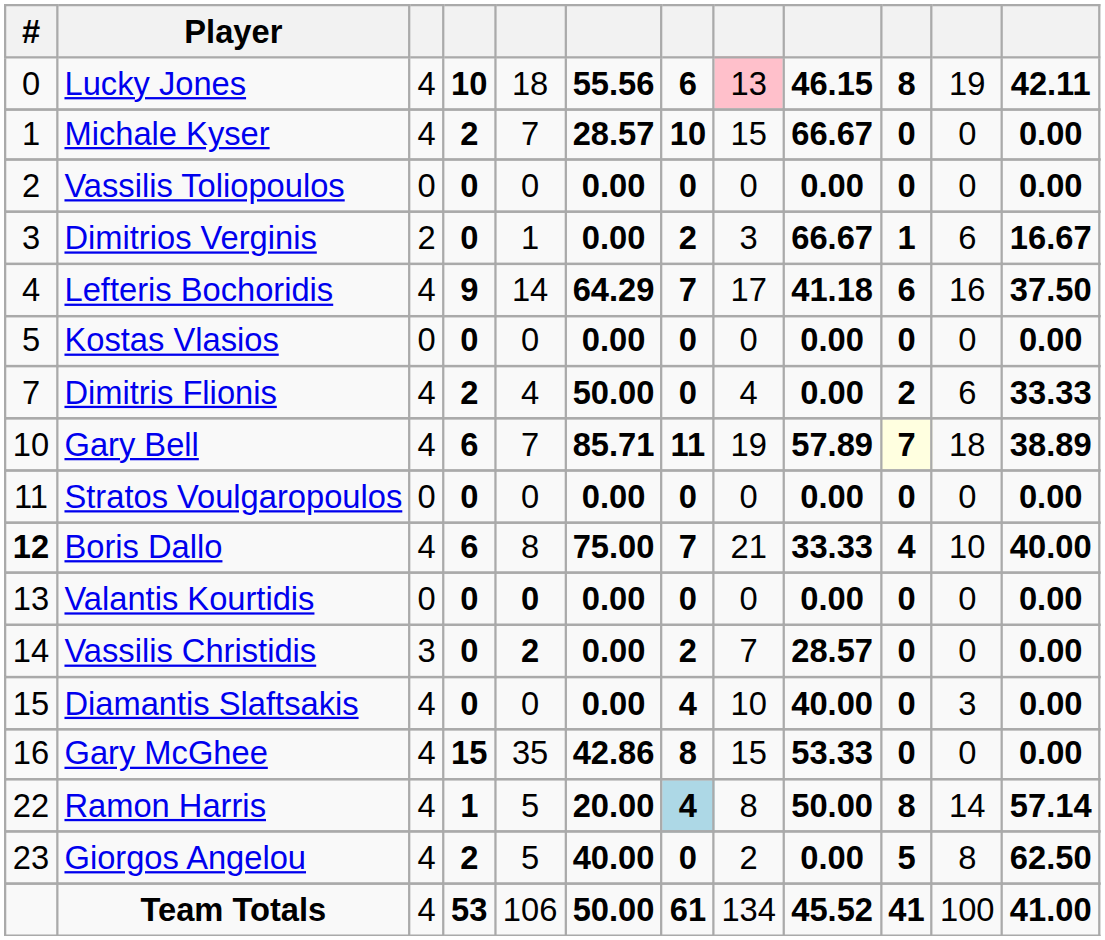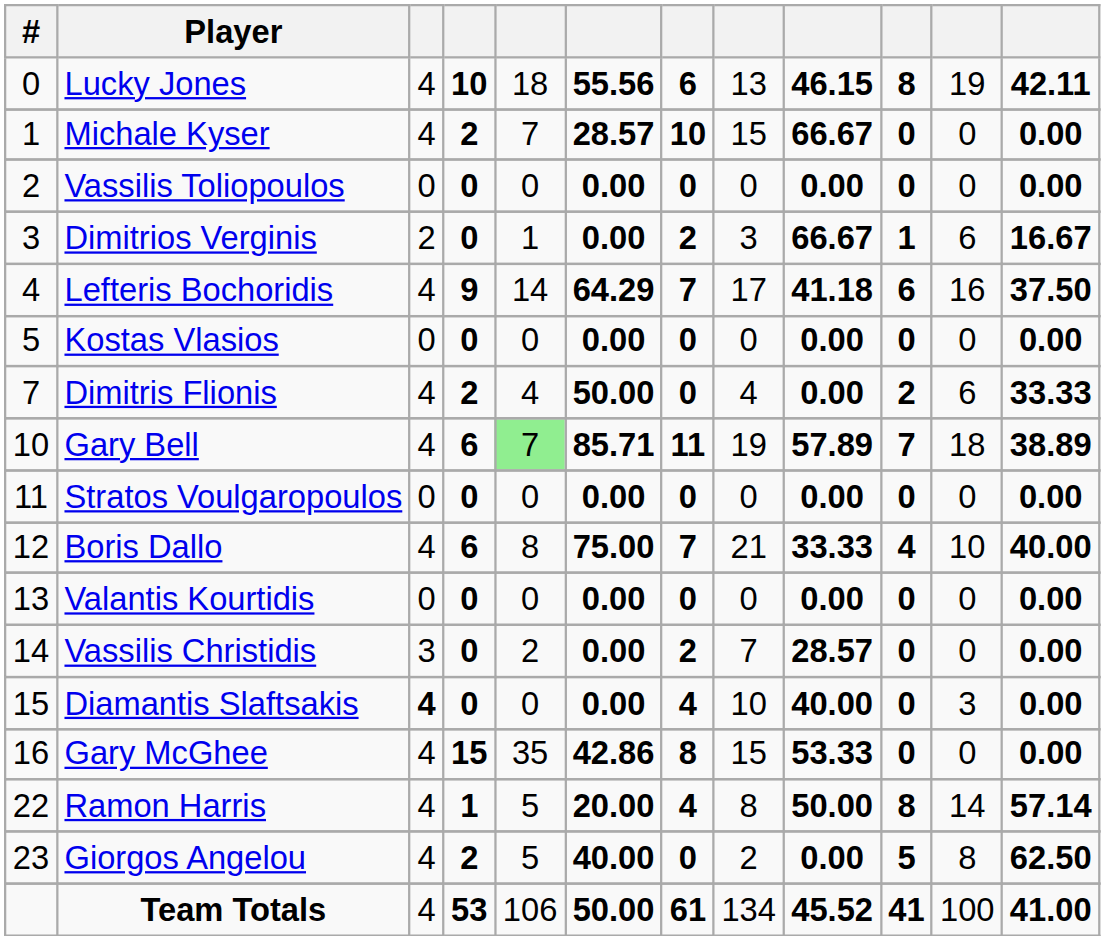 <table class="wikitable sortable" style="font-size:90%; text-align:center;">
 <tr>
 <th>#</th>
 <th>Player</th>
 <th></th>
 <th></th>
 <th></th>
 <th></th>
 <th></th>
 <th></th>
 <th></th>
 <th></th>
 <th></th>
 <th></th>
 </tr>
 <tr>
 <td>0</td>
 <td align="left"> <a href='#'>Lucky Jones</a></td>
 <td>4</td>
 <td><strong>10</strong></td>
 <td>18</td>
 <td><strong>55.56</strong></td>
 <td><strong>6</strong></td>
-<td style="background: pink;">13</td>
+<td>13</td>
 <td><strong>46.15</strong></td>
 <td><strong>8</strong></td>
 <td>19</td>
 <td><strong>42.11</strong></td>
 </tr>
 <tr>
 </tr>
 <tr>
 <td>1</td>
 <td align="left"> <a href='#'>Michale Kyser</a></td>
 <td>4</td>
 <td><strong>2</strong></td>
 <td>7</td>
 <td><strong>28.57</strong></td>
 <td><strong>10</strong></td>
 <td>15</td>
 <td><strong>66.67</strong></td>
 <td><strong>0</strong></td>
 <td>0</td>
 <td><strong>0.00</strong></td>
 </tr>
 <tr>
 </tr>
 <tr>
 <td>2</td>
 <td align="left"> <a href='#'>Vassilis Toliopoulos</a></td>
 <td>0</td>
 <td><strong>0</strong></td>
 <td>0</td>
 <td><strong>0.00</strong></td>
 <td><strong>0</strong></td>
 <td>0</td>
 <td><strong>0.00</strong></td>
 <td><strong>0</strong></td>
 <td>0</td>
 <td><strong>0.00</strong></td>
 </tr>
 <tr>
 </tr>
 <tr>
 <td>3</td>
 <td align="left"> <a href='#'>Dimitrios Verginis</a></td>
 <td>2</td>
 <td><strong>0</strong></td>
 <td>1</td>
 <td><strong>0.00</strong></td>
 <td><strong>2</strong></td>
 <td>3</td>
 <td><strong>66.67</strong></td>
 <td><strong>1</strong></td>
 <td>6</td>
 <td><strong>16.67</strong></td>
 </tr>
 <tr>
 </tr>
 <tr>
 <td>4</td>
 <td align="left"> <a href='#'>Lefteris Bochoridis</a></td>
 <td>4</td>
 <td><strong>9</strong></td>
 <td>14</td>
 <td><strong>64.29</strong></td>
 <td><strong>7</strong></td>
 <td>17</td>
 <td><strong>41.18</strong></td>
 <td><strong>6</strong></td>
 <td>16</td>
 <td><strong>37.50</strong></td>
 </tr>
 <tr>
 </tr>
 <tr>
 <td>5</td>
 <td align="left"> <a href='#'>Kostas Vlasios</a></td>
 <td>0</td>
 <td><strong>0</strong></td>
 <td>0</td>
 <td><strong>0.00</strong></td>
 <td><strong>0</strong></td>
 <td>0</td>
 <td><strong>0.00</strong></td>
 <td><strong>0</strong></td>
 <td>0</td>
 <td><strong>0.00</strong></td>
 </tr>
 <tr>
 </tr>
 <tr>
 <td>7</td>
 <td align="left"> <a href='#'>Dimitris Flionis</a></td>
 <td>4</td>
 <td><strong>2</strong></td>
 <td>4</td>
 <td><strong>50.00</strong></td>
 <td><strong>0</strong></td>
 <td>4</td>
 <td><strong>0.00</strong></td>
 <td><strong>2</strong></td>
 <td>6</td>
 <td><strong>33.33</strong></td>
 </tr>
 <tr>
 </tr>
 <tr>
 <td>10</td>
 <td align="left"> <a href='#'>Gary Bell</a></td>
 <td>4</td>
 <td><strong>6</strong></td>
-<td>7</td>
+<td style="background: lightgreen;">7</td>
 <td><strong>85.71</strong></td>
 <td><strong>11</strong></td>
 <td>19</td>
 <td><strong>57.89</strong></td>
-<td style="background: lightyellow;"><strong>7</strong></td>
+<td><strong>7</strong></td>
 <td>18</td>
 <td><strong>38.89</strong></td>
 </tr>
 <tr>
 </tr>
 <tr>
 <td>11</td>
 <td align="left"> <a href='#'>Stratos Voulgaropoulos</a></td>
 <td>0</td>
 <td><strong>0</strong></td>
 <td>0</td>
 <td><strong>0.00</strong></td>
 <td><strong>0</strong></td>
 <td>0</td>
 <td><strong>0.00</strong></td>
 <td><strong>0</strong></td>
 <td>0</td>
 <td><strong>0.00</strong></td>
 </tr>
 <tr>
 </tr>
 <tr>
-<td><strong>12</strong></td>
+<td>12</td>
 <td align="left"> <a href='#'>Boris Dallo</a></td>
 <td>4</td>
 <td><strong>6</strong></td>
 <td>8</td>
 <td><strong>75.00</strong></td>
 <td><strong>7</strong></td>
 <td>21</td>
 <td><strong>33.33</strong></td>
 <td><strong>4</strong></td>
 <td>10</td>
 <td><strong>40.00</strong></td>
 </tr>
 <tr>
 </tr>
 <tr>
 <td>13</td>
 <td align="left"> <a href='#'>Valantis Kourtidis</a></td>
 <td>0</td>
 <td><strong>0</strong></td>
-<td><strong>0</strong></td>
+<td>0</td>
 <td><strong>0.00</strong></td>
 <td><strong>0</strong></td>
 <td>0</td>
 <td><strong>0.00</strong></td>
 <td><strong>0</strong></td>
 <td>0</td>
 <td><strong>0.00</strong></td>
 </tr>
 <tr>
 </tr>
 <tr>
 <td>14</td>
 <td align="left"> <a href='#'>Vassilis Christidis</a></td>
 <td>3</td>
 <td><strong>0</strong></td>
-<td><strong>2</strong></td>
+<td>2</td>
 <td><strong>0.00</strong></td>
 <td><strong>2</strong></td>
 <td>7</td>
 <td><strong>28.57</strong></td>
 <td><strong>0</strong></td>
 <td>0</td>
 <td><strong>0.00</strong></td>
 </tr>
 <tr>
 </tr>
 <tr>
 <td>15</td>
 <td align="left"> <a href='#'>Diamantis Slaftsakis</a></td>
-<td>4</td>
+<td><strong>4</strong></td>
 <td><strong>0</strong></td>
 <td>0</td>
 <td><strong>0.00</strong></td>
 <td><strong>4</strong></td>
 <td>10</td>
 <td><strong>40.00</strong></td>
 <td><strong>0</strong></td>
 <td>3</td>
 <td><strong>0.00</strong></td>
 </tr>
 <tr>
 </tr>
 <tr>
 <td>16</td>
 <td align="left"> <a href='#'>Gary McGhee</a></td>
 <td>4</td>
 <td><strong>15</strong></td>
 <td>35</td>
 <td><strong>42.86</strong></td>
 <td><strong>8</strong></td>
 <td>15</td>
 <td><strong>53.33</strong></td>
 <td><strong>0</strong></td>
 <td>0</td>
 <td><strong>0.00</strong></td>
 </tr>
 <tr>
 </tr>
 <tr>
 <td>22</td>
 <td align="left"> <a href='#'>Ramon Harris</a></td>
 <td>4</td>
 <td><strong>1</strong></td>
 <td>5</td>
 <td><strong>20.00</strong></td>
-<td style="background: lightblue;"><strong>4</strong></td>
+<td><strong>4</strong></td>
 <td>8</td>
 <td><strong>50.00</strong></td>
 <td><strong>8</strong></td>
 <td>14</td>
 <td><strong>57.14</strong></td>
 </tr>
 <tr>
 </tr>
 <tr>
 <td>23</td>
 <td align="left"> <a href='#'>Giorgos Angelou</a></td>
 <td>4</td>
 <td><strong>2</strong></td>
 <td>5</td>
 <td><strong>40.00</strong></td>
 <td><strong>0</strong></td>
 <td>2</td>
 <td><strong>0.00</strong></td>
 <td><strong>5</strong></td>
 <td>8</td>
 <td><strong>62.50</strong></td>
 </tr>
 <tr>
 </tr>
 <tr>
 <td></td>
 <td><strong>Team Totals</strong></td>
 <td>4</td>
 <td><strong>53</strong></td>
 <td>106</td>
 <td><strong>50.00</strong></td>
 <td><strong>61</strong></td>
 <td>134</td>
 <td><strong>45.52</strong></td>
 <td><strong>41</strong></td>
 <td>100</td>
 <td><strong>41.00</strong></td>
 </tr>
 <tr>
 </tr>
 </table>
